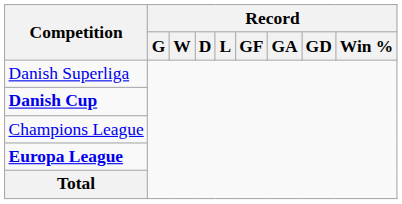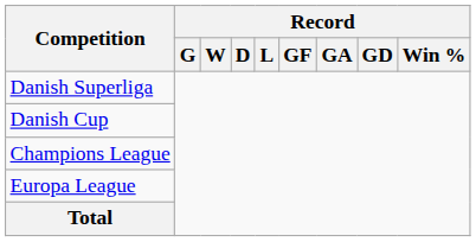 <table class="wikitable" style="text-align: center">
 <tr>
 <th rowspan="2">Competition</th>
 <th colspan="9">Record</th>
 </tr>
 <tr>
 <th>G</th>
 <th>W</th>
 <th>D</th>
 <th>L</th>
 <th>GF</th>
 <th>GA</th>
 <th>GD</th>
 <th>Win %</th>
 </tr>
 <tr>
 <td style="text-align: left"><a href='#'>Danish Superliga</a><br></td>
 </tr>
 <tr>
-<td style="text-align: left"><strong><a href='#'>Danish Cup</a><br></strong></td>
+<td style="text-align: left"><a href='#'>Danish Cup</a><br></td>
 </tr>
 <tr>
 <td style="text-align: left"><a href='#'>Champions League</a><br></td>
 </tr>
 <tr>
-<td style="text-align: left"><strong><a href='#'>Europa League</a><br></strong></td>
+<td style="text-align: left"><a href='#'>Europa League</a><br></td>
 </tr>
 <tr>
 <th>Total<br></th>
 </tr>
 </table>
